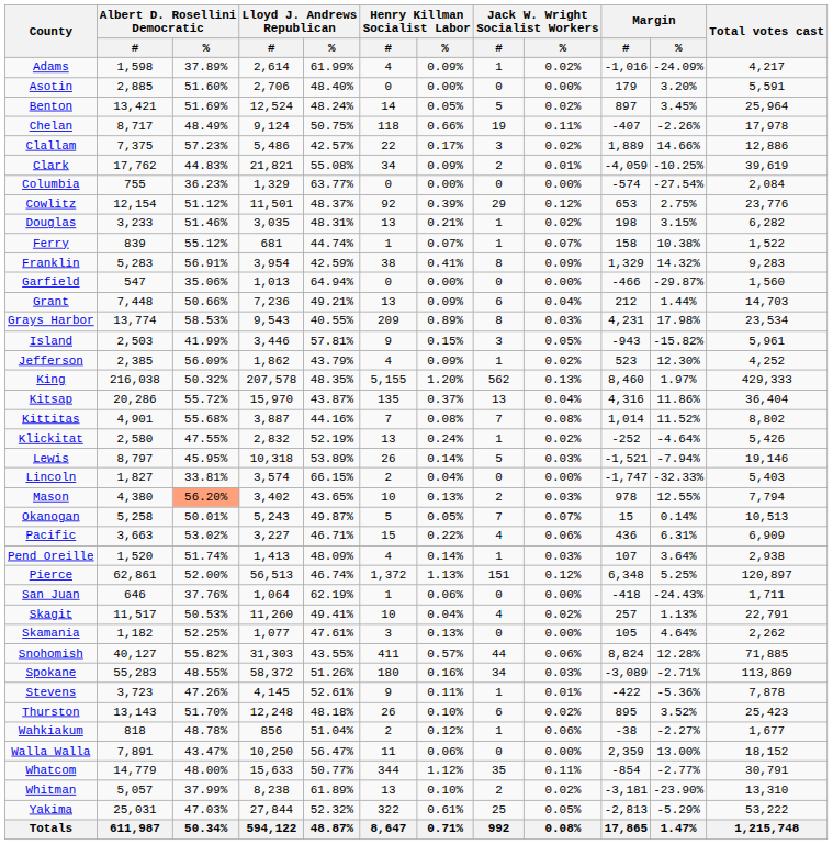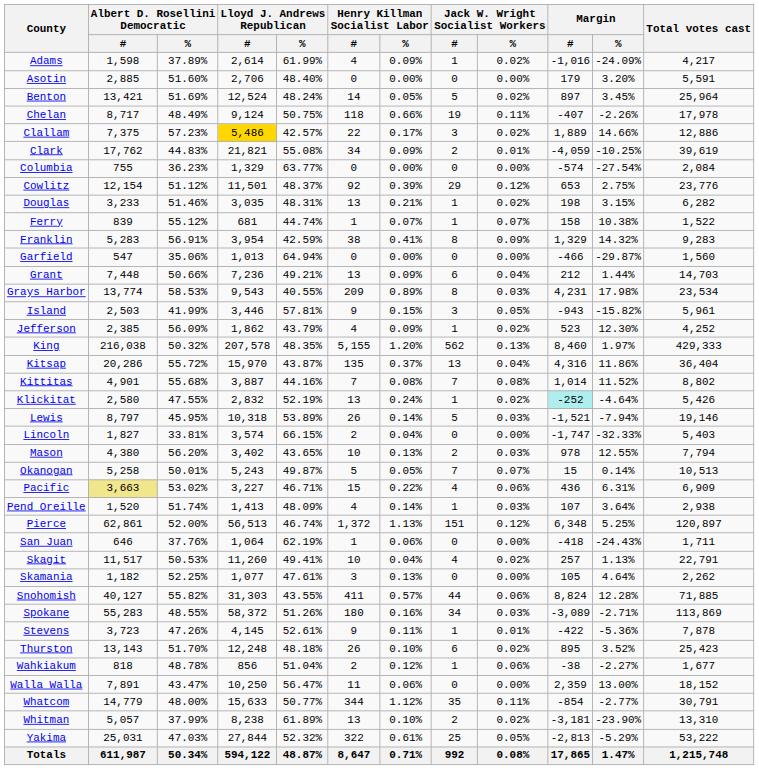 <table class="wikitable sortable">
 <tr>
 <th style="text-align:center;" rowspan="2">County</th>
 <th style="text-align:center;" colspan="2">Albert D. Rosellini<br>Democratic</th>
 <th style="text-align:center;" colspan="2">Lloyd J. Andrews<br>Republican</th>
 <th style="text-align:center;" colspan="2">Henry Killman<br>Socialist Labor</th>
 <th style="text-align:center;" colspan="2">Jack W. Wright<br>Socialist Workers</th>
 <th style="text-align:center;" colspan="2">Margin</th>
 <th style="text-align:center;" rowspan="2">Total votes cast</th>
 </tr>
 <tr bgcolor="lightgrey">
 <th style="text-align:center;" data-sort-type="number">#</th>
 <th style="text-align:center;" data-sort-type="number">%</th>
 <th style="text-align:center;" data-sort-type="number">#</th>
 <th style="text-align:center;" data-sort-type="number">%</th>
 <th style="text-align:center;" data-sort-type="number">#</th>
 <th style="text-align:center;" data-sort-type="number">%</th>
 <th style="text-align:center;" data-sort-type="number">#</th>
 <th style="text-align:center;" data-sort-type="number">%</th>
 <th style="text-align:center;" data-sort-type="number">#</th>
 <th style="text-align:center;" data-sort-type="number">%</th>
 </tr>
 <tr style="text-align:center;">
 <td><a href='#'>Adams</a></td>
 <td>1,598</td>
 <td>37.89%</td>
 <td>2,614</td>
 <td>61.99%</td>
 <td>4</td>
 <td>0.09%</td>
 <td>1</td>
 <td>0.02%</td>
 <td>-1,016</td>
 <td>-24.09%</td>
 <td>4,217</td>
 </tr>
 <tr style="text-align:center;">
 <td><a href='#'>Asotin</a></td>
 <td>2,885</td>
 <td>51.60%</td>
 <td>2,706</td>
 <td>48.40%</td>
 <td>0</td>
 <td>0.00%</td>
 <td>0</td>
 <td>0.00%</td>
 <td>179</td>
 <td>3.20%</td>
 <td>5,591</td>
 </tr>
 <tr style="text-align:center;">
 <td><a href='#'>Benton</a></td>
 <td>13,421</td>
 <td>51.69%</td>
 <td>12,524</td>
 <td>48.24%</td>
 <td>14</td>
 <td>0.05%</td>
 <td>5</td>
 <td>0.02%</td>
 <td>897</td>
 <td>3.45%</td>
 <td>25,964</td>
 </tr>
 <tr style="text-align:center;">
 <td><a href='#'>Chelan</a></td>
 <td>8,717</td>
 <td>48.49%</td>
 <td>9,124</td>
 <td>50.75%</td>
 <td>118</td>
 <td>0.66%</td>
 <td>19</td>
 <td>0.11%</td>
 <td>-407</td>
 <td>-2.26%</td>
 <td>17,978</td>
 </tr>
 <tr style="text-align:center;">
 <td><a href='#'>Clallam</a></td>
 <td>7,375</td>
 <td>57.23%</td>
-<td>5,486</td>
+<td style="background: gold;">5,486</td>
 <td>42.57%</td>
 <td>22</td>
 <td>0.17%</td>
 <td>3</td>
 <td>0.02%</td>
 <td>1,889</td>
 <td>14.66%</td>
 <td>12,886</td>
 </tr>
 <tr style="text-align:center;">
 <td><a href='#'>Clark</a></td>
 <td>17,762</td>
 <td>44.83%</td>
 <td>21,821</td>
 <td>55.08%</td>
 <td>34</td>
 <td>0.09%</td>
 <td>2</td>
 <td>0.01%</td>
 <td>-4,059</td>
 <td>-10.25%</td>
 <td>39,619</td>
 </tr>
 <tr style="text-align:center;">
 <td><a href='#'>Columbia</a></td>
 <td>755</td>
 <td>36.23%</td>
 <td>1,329</td>
 <td>63.77%</td>
 <td>0</td>
 <td>0.00%</td>
 <td>0</td>
 <td>0.00%</td>
 <td>-574</td>
 <td>-27.54%</td>
 <td>2,084</td>
 </tr>
 <tr style="text-align:center;">
 <td><a href='#'>Cowlitz</a></td>
 <td>12,154</td>
 <td>51.12%</td>
 <td>11,501</td>
 <td>48.37%</td>
 <td>92</td>
 <td>0.39%</td>
 <td>29</td>
 <td>0.12%</td>
 <td>653</td>
 <td>2.75%</td>
 <td>23,776</td>
 </tr>
 <tr style="text-align:center;">
 <td><a href='#'>Douglas</a></td>
 <td>3,233</td>
 <td>51.46%</td>
 <td>3,035</td>
 <td>48.31%</td>
 <td>13</td>
 <td>0.21%</td>
 <td>1</td>
 <td>0.02%</td>
 <td>198</td>
 <td>3.15%</td>
 <td>6,282</td>
 </tr>
 <tr style="text-align:center;">
 <td><a href='#'>Ferry</a></td>
 <td>839</td>
 <td>55.12%</td>
 <td>681</td>
 <td>44.74%</td>
 <td>1</td>
 <td>0.07%</td>
 <td>1</td>
 <td>0.07%</td>
 <td>158</td>
 <td>10.38%</td>
 <td>1,522</td>
 </tr>
 <tr style="text-align:center;">
 <td><a href='#'>Franklin</a></td>
 <td>5,283</td>
 <td>56.91%</td>
 <td>3,954</td>
 <td>42.59%</td>
 <td>38</td>
 <td>0.41%</td>
 <td>8</td>
 <td>0.09%</td>
 <td>1,329</td>
 <td>14.32%</td>
 <td>9,283</td>
 </tr>
 <tr style="text-align:center;">
 <td><a href='#'>Garfield</a></td>
 <td>547</td>
 <td>35.06%</td>
 <td>1,013</td>
 <td>64.94%</td>
 <td>0</td>
 <td>0.00%</td>
 <td>0</td>
 <td>0.00%</td>
 <td>-466</td>
 <td>-29.87%</td>
 <td>1,560</td>
 </tr>
 <tr style="text-align:center;">
 <td><a href='#'>Grant</a></td>
 <td>7,448</td>
 <td>50.66%</td>
 <td>7,236</td>
 <td>49.21%</td>
 <td>13</td>
 <td>0.09%</td>
 <td>6</td>
 <td>0.04%</td>
 <td>212</td>
 <td>1.44%</td>
 <td>14,703</td>
 </tr>
 <tr style="text-align:center;">
 <td><a href='#'>Grays Harbor</a></td>
 <td>13,774</td>
 <td>58.53%</td>
 <td>9,543</td>
 <td>40.55%</td>
 <td>209</td>
 <td>0.89%</td>
 <td>8</td>
 <td>0.03%</td>
 <td>4,231</td>
 <td>17.98%</td>
 <td>23,534</td>
 </tr>
 <tr style="text-align:center;">
 <td><a href='#'>Island</a></td>
 <td>2,503</td>
 <td>41.99%</td>
 <td>3,446</td>
 <td>57.81%</td>
 <td>9</td>
 <td>0.15%</td>
 <td>3</td>
 <td>0.05%</td>
 <td>-943</td>
 <td>-15.82%</td>
 <td>5,961</td>
 </tr>
 <tr style="text-align:center;">
 <td><a href='#'>Jefferson</a></td>
 <td>2,385</td>
 <td>56.09%</td>
 <td>1,862</td>
 <td>43.79%</td>
 <td>4</td>
 <td>0.09%</td>
 <td>1</td>
 <td>0.02%</td>
 <td>523</td>
 <td>12.30%</td>
 <td>4,252</td>
 </tr>
 <tr style="text-align:center;">
 <td><a href='#'>King</a></td>
 <td>216,038</td>
 <td>50.32%</td>
 <td>207,578</td>
 <td>48.35%</td>
 <td>5,155</td>
 <td>1.20%</td>
 <td>562</td>
 <td>0.13%</td>
 <td>8,460</td>
 <td>1.97%</td>
 <td>429,333</td>
 </tr>
 <tr style="text-align:center;">
 <td><a href='#'>Kitsap</a></td>
 <td>20,286</td>
 <td>55.72%</td>
 <td>15,970</td>
 <td>43.87%</td>
 <td>135</td>
 <td>0.37%</td>
 <td>13</td>
 <td>0.04%</td>
 <td>4,316</td>
 <td>11.86%</td>
 <td>36,404</td>
 </tr>
 <tr style="text-align:center;">
 <td><a href='#'>Kittitas</a></td>
 <td>4,901</td>
 <td>55.68%</td>
 <td>3,887</td>
 <td>44.16%</td>
 <td>7</td>
 <td>0.08%</td>
 <td>7</td>
 <td>0.08%</td>
 <td>1,014</td>
 <td>11.52%</td>
 <td>8,802</td>
 </tr>
 <tr style="text-align:center;">
 <td><a href='#'>Klickitat</a></td>
 <td>2,580</td>
 <td>47.55%</td>
 <td>2,832</td>
 <td>52.19%</td>
 <td>13</td>
 <td>0.24%</td>
 <td>1</td>
 <td>0.02%</td>
-<td>-252</td>
+<td style="background: paleturquoise;">-252</td>
 <td>-4.64%</td>
 <td>5,426</td>
 </tr>
 <tr style="text-align:center;">
 <td><a href='#'>Lewis</a></td>
 <td>8,797</td>
 <td>45.95%</td>
 <td>10,318</td>
 <td>53.89%</td>
 <td>26</td>
 <td>0.14%</td>
 <td>5</td>
 <td>0.03%</td>
 <td>-1,521</td>
 <td>-7.94%</td>
 <td>19,146</td>
 </tr>
 <tr style="text-align:center;">
 <td><a href='#'>Lincoln</a></td>
 <td>1,827</td>
 <td>33.81%</td>
 <td>3,574</td>
 <td>66.15%</td>
 <td>2</td>
 <td>0.04%</td>
 <td>0</td>
 <td>0.00%</td>
 <td>-1,747</td>
 <td>-32.33%</td>
 <td>5,403</td>
 </tr>
 <tr style="text-align:center;">
 <td><a href='#'>Mason</a></td>
 <td>4,380</td>
-<td style="background: lightsalmon;">56.20%</td>
+<td>56.20%</td>
 <td>3,402</td>
 <td>43.65%</td>
 <td>10</td>
 <td>0.13%</td>
 <td>2</td>
 <td>0.03%</td>
 <td>978</td>
 <td>12.55%</td>
 <td>7,794</td>
 </tr>
 <tr style="text-align:center;">
 <td><a href='#'>Okanogan</a></td>
 <td>5,258</td>
 <td>50.01%</td>
 <td>5,243</td>
 <td>49.87%</td>
 <td>5</td>
 <td>0.05%</td>
 <td>7</td>
 <td>0.07%</td>
 <td>15</td>
 <td>0.14%</td>
 <td>10,513</td>
 </tr>
 <tr style="text-align:center;">
 <td><a href='#'>Pacific</a></td>
-<td>3,663</td>
+<td style="background: khaki;">3,663</td>
 <td>53.02%</td>
 <td>3,227</td>
 <td>46.71%</td>
 <td>15</td>
 <td>0.22%</td>
 <td>4</td>
 <td>0.06%</td>
 <td>436</td>
 <td>6.31%</td>
 <td>6,909</td>
 </tr>
 <tr style="text-align:center;">
 <td><a href='#'>Pend Oreille</a></td>
 <td>1,520</td>
 <td>51.74%</td>
 <td>1,413</td>
 <td>48.09%</td>
 <td>4</td>
 <td>0.14%</td>
 <td>1</td>
 <td>0.03%</td>
 <td>107</td>
 <td>3.64%</td>
 <td>2,938</td>
 </tr>
 <tr style="text-align:center;">
 <td><a href='#'>Pierce</a></td>
 <td>62,861</td>
 <td>52.00%</td>
 <td>56,513</td>
 <td>46.74%</td>
 <td>1,372</td>
 <td>1.13%</td>
 <td>151</td>
 <td>0.12%</td>
 <td>6,348</td>
 <td>5.25%</td>
 <td>120,897</td>
 </tr>
 <tr style="text-align:center;">
 <td><a href='#'>San Juan</a></td>
 <td>646</td>
 <td>37.76%</td>
 <td>1,064</td>
 <td>62.19%</td>
 <td>1</td>
 <td>0.06%</td>
 <td>0</td>
 <td>0.00%</td>
 <td>-418</td>
 <td>-24.43%</td>
 <td>1,711</td>
 </tr>
 <tr style="text-align:center;">
 <td><a href='#'>Skagit</a></td>
 <td>11,517</td>
 <td>50.53%</td>
 <td>11,260</td>
 <td>49.41%</td>
 <td>10</td>
 <td>0.04%</td>
 <td>4</td>
 <td>0.02%</td>
 <td>257</td>
 <td>1.13%</td>
 <td>22,791</td>
 </tr>
 <tr style="text-align:center;">
 <td><a href='#'>Skamania</a></td>
 <td>1,182</td>
 <td>52.25%</td>
 <td>1,077</td>
 <td>47.61%</td>
 <td>3</td>
 <td>0.13%</td>
 <td>0</td>
 <td>0.00%</td>
 <td>105</td>
 <td>4.64%</td>
 <td>2,262</td>
 </tr>
 <tr style="text-align:center;">
 <td><a href='#'>Snohomish</a></td>
 <td>40,127</td>
 <td>55.82%</td>
 <td>31,303</td>
 <td>43.55%</td>
 <td>411</td>
 <td>0.57%</td>
 <td>44</td>
 <td>0.06%</td>
 <td>8,824</td>
 <td>12.28%</td>
 <td>71,885</td>
 </tr>
 <tr style="text-align:center;">
 <td><a href='#'>Spokane</a></td>
 <td>55,283</td>
 <td>48.55%</td>
 <td>58,372</td>
 <td>51.26%</td>
 <td>180</td>
 <td>0.16%</td>
 <td>34</td>
 <td>0.03%</td>
 <td>-3,089</td>
 <td>-2.71%</td>
 <td>113,869</td>
 </tr>
 <tr style="text-align:center;">
 <td><a href='#'>Stevens</a></td>
 <td>3,723</td>
 <td>47.26%</td>
 <td>4,145</td>
 <td>52.61%</td>
 <td>9</td>
 <td>0.11%</td>
 <td>1</td>
 <td>0.01%</td>
 <td>-422</td>
 <td>-5.36%</td>
 <td>7,878</td>
 </tr>
 <tr style="text-align:center;">
 <td><a href='#'>Thurston</a></td>
 <td>13,143</td>
 <td>51.70%</td>
 <td>12,248</td>
 <td>48.18%</td>
 <td>26</td>
 <td>0.10%</td>
 <td>6</td>
 <td>0.02%</td>
 <td>895</td>
 <td>3.52%</td>
 <td>25,423</td>
 </tr>
 <tr style="text-align:center;">
 <td><a href='#'>Wahkiakum</a></td>
 <td>818</td>
 <td>48.78%</td>
 <td>856</td>
 <td>51.04%</td>
 <td>2</td>
 <td>0.12%</td>
 <td>1</td>
 <td>0.06%</td>
 <td>-38</td>
 <td>-2.27%</td>
 <td>1,677</td>
 </tr>
 <tr style="text-align:center;">
 <td><a href='#'>Walla Walla</a></td>
 <td>7,891</td>
 <td>43.47%</td>
 <td>10,250</td>
 <td>56.47%</td>
 <td>11</td>
 <td>0.06%</td>
 <td>0</td>
 <td>0.00%</td>
 <td>2,359</td>
 <td>13.00%</td>
 <td>18,152</td>
 </tr>
 <tr style="text-align:center;">
 <td><a href='#'>Whatcom</a></td>
 <td>14,779</td>
 <td>48.00%</td>
 <td>15,633</td>
 <td>50.77%</td>
 <td>344</td>
 <td>1.12%</td>
 <td>35</td>
 <td>0.11%</td>
 <td>-854</td>
 <td>-2.77%</td>
 <td>30,791</td>
 </tr>
 <tr style="text-align:center;">
 <td><a href='#'>Whitman</a></td>
 <td>5,057</td>
 <td>37.99%</td>
 <td>8,238</td>
 <td>61.89%</td>
 <td>13</td>
 <td>0.10%</td>
 <td>2</td>
 <td>0.02%</td>
 <td>-3,181</td>
 <td>-23.90%</td>
 <td>13,310</td>
 </tr>
 <tr style="text-align:center;">
 <td><a href='#'>Yakima</a></td>
 <td>25,031</td>
 <td>47.03%</td>
 <td>27,844</td>
 <td>52.32%</td>
 <td>322</td>
 <td>0.61%</td>
 <td>25</td>
 <td>0.05%</td>
 <td>-2,813</td>
 <td>-5.29%</td>
 <td>53,222</td>
 </tr>
 <tr>
 <th>Totals</th>
 <th>611,987</th>
 <th>50.34%</th>
 <th>594,122</th>
 <th>48.87%</th>
 <th>8,647</th>
 <th>0.71%</th>
 <th>992</th>
 <th>0.08%</th>
 <th>17,865</th>
 <th>1.47%</th>
 <th>1,215,748</th>
 </tr>
 </table>
